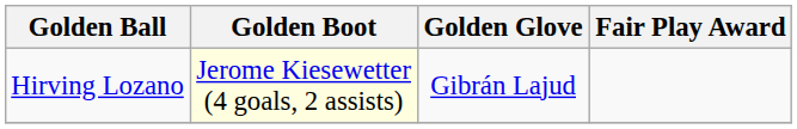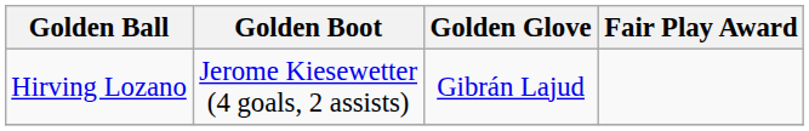 <table class="wikitable" style="text-align: center; margin: 0 auto;">
 <tr>
 <th>Golden Ball</th>
 <th>Golden Boot</th>
 <th>Golden Glove</th>
 <th>Fair Play Award</th>
 </tr>
 <tr>
 <td align=center> <a href='#'>Hirving Lozano</a></td>
-<td align=center style="background: lightyellow;"> <a href='#'>Jerome Kiesewetter</a> <br>(4 goals, 2 assists)</td>
+<td align=center> <a href='#'>Jerome Kiesewetter</a> <br>(4 goals, 2 assists)</td>
 <td align=center> <a href='#'>Gibrán Lajud</a></td>
 <td align=center></td>
 </tr>
 <tr>
 </tr>
 </table>
